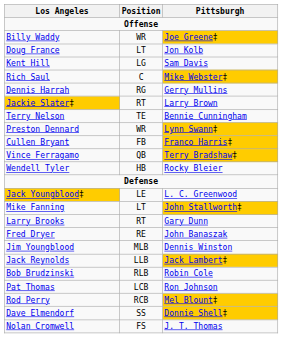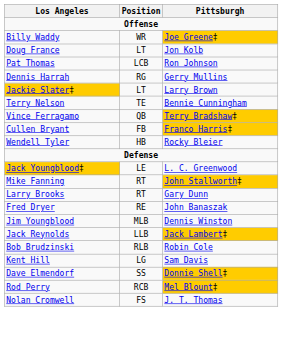 <table class=wikitable>
 <tr>
 <th style="width:180px">Los Angeles</th>
 <th>Position</th>
 <th style="width:180px">Pittsburgh</th>
 </tr>
 <tr>
 <td colspan="3" style="text-align:center;"><strong>Offense</strong></td>
 </tr>
 <tr>
 <td><a href='#'>Billy Waddy</a></td>
 <td style="text-align:center;">WR</td>
 <td bgcolor="#FFCC00"><a href='#'>Joe Greene</a>‡</td>
 </tr>
 <tr>
 <td><a href='#'>Doug France</a></td>
 <td style="text-align:center;">LT</td>
 <td><a href='#'>Jon Kolb</a></td>
 </tr>
 <tr>
-<td><a href='#'>Kent Hill</a></td>
-<td style="text-align:center;">LG</td>
-<td><a href='#'>Sam Davis</a></td>
-</tr>
-<tr>
-<td><a href='#'>Rich Saul</a></td>
-<td style="text-align:center;">C</td>
-<td bgcolor="#FFCC00"><a href='#'>Mike Webster</a>‡</td>
+<td><a href='#'>Pat Thomas</a></td>
+<td style="text-align:center;">LCB</td>
+<td><a href='#'>Ron Johnson</a></td>
 </tr>
 <tr>
 <td><a href='#'>Dennis Harrah</a></td>
 <td style="text-align:center;">RG</td>
 <td><a href='#'>Gerry Mullins</a></td>
 </tr>
 <tr>
 <td bgcolor="#FFCC00"><a href='#'>Jackie Slater</a>‡</td>
-<td style="text-align:center;">RT</td>
+<td style="text-align:center;">LT</td>
 <td><a href='#'>Larry Brown</a></td>
 </tr>
 <tr>
 <td><a href='#'>Terry Nelson</a></td>
 <td style="text-align:center;">TE</td>
 <td><a href='#'>Bennie Cunningham</a></td>
 </tr>
 <tr>
-<td><a href='#'>Preston Dennard</a></td>
-<td style="text-align:center;">WR</td>
-<td bgcolor="#FFCC00"><a href='#'>Lynn Swann</a>‡</td>
+<td><a href='#'>Vince Ferragamo</a></td>
+<td style="text-align:center;">QB</td>
+<td bgcolor="#FFCC00"><a href='#'>Terry Bradshaw</a>‡</td>
 </tr>
 <tr>
 <td><a href='#'>Cullen Bryant</a></td>
 <td style="text-align:center;">FB</td>
 <td bgcolor="#FFCC00"><a href='#'>Franco Harris</a>‡</td>
-</tr>
-<tr>
-<td><a href='#'>Vince Ferragamo</a></td>
-<td style="text-align:center;">QB</td>
-<td bgcolor="#FFCC00"><a href='#'>Terry Bradshaw</a>‡</td>
 </tr>
 <tr>
 <td><a href='#'>Wendell Tyler</a></td>
 <td style="text-align:center;">HB</td>
 <td><a href='#'>Rocky Bleier</a></td>
 </tr>
 <tr>
 <td colspan="3" style="text-align:center;"><strong>Defense</strong></td>
 </tr>
 <tr>
 <td bgcolor="#FFCC00"><a href='#'>Jack Youngblood</a>‡</td>
 <td style="text-align:center;">LE</td>
 <td><a href='#'>L. C. Greenwood</a></td>
 </tr>
 <tr>
 <td><a href='#'>Mike Fanning</a></td>
-<td style="text-align:center;">LT</td>
+<td style="text-align:center;">RT</td>
 <td bgcolor="#FFCC00"><a href='#'>John Stallworth</a>‡</td>
 </tr>
 <tr>
 <td><a href='#'>Larry Brooks</a></td>
 <td style="text-align:center;">RT</td>
 <td><a href='#'>Gary Dunn</a></td>
 </tr>
 <tr>
 <td><a href='#'>Fred Dryer</a></td>
 <td style="text-align:center;">RE</td>
 <td><a href='#'>John Banaszak</a></td>
 </tr>
 <tr>
 <td><a href='#'>Jim Youngblood</a></td>
 <td style="text-align:center;">MLB</td>
 <td><a href='#'>Dennis Winston</a></td>
 </tr>
 <tr>
 <td><a href='#'>Jack Reynolds</a></td>
 <td style="text-align:center;">LLB</td>
 <td bgcolor="#FFCC00"><a href='#'>Jack Lambert</a>‡</td>
 </tr>
 <tr>
 <td><a href='#'>Bob Brudzinski</a></td>
 <td style="text-align:center;">RLB</td>
 <td><a href='#'>Robin Cole</a></td>
 </tr>
 <tr>
-<td><a href='#'>Pat Thomas</a></td>
-<td style="text-align:center;">LCB</td>
-<td><a href='#'>Ron Johnson</a></td>
+<td><a href='#'>Kent Hill</a></td>
+<td style="text-align:center;">LG</td>
+<td><a href='#'>Sam Davis</a></td>
+</tr>
+<tr>
+<td><a href='#'>Dave Elmendorf</a></td>
+<td style="text-align:center;">SS</td>
+<td bgcolor="#FFCC00"><a href='#'>Donnie Shell</a>‡</td>
 </tr>
 <tr>
 <td><a href='#'>Rod Perry</a></td>
 <td style="text-align:center;">RCB</td>
 <td bgcolor="#FFCC00"><a href='#'>Mel Blount</a>‡</td>
 </tr>
 <tr>
-<td><a href='#'>Dave Elmendorf</a></td>
-<td style="text-align:center;">SS</td>
-<td bgcolor="#FFCC00"><a href='#'>Donnie Shell</a>‡</td>
-</tr>
-<tr>
 <td><a href='#'>Nolan Cromwell</a></td>
 <td style="text-align:center;">FS</td>
 <td><a href='#'>J. T. Thomas</a></td>
 </tr>
 </table>
